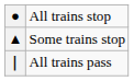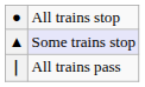 <table class="wikitable">
 <tr>
 <th>●</th>
 <td>All trains stop</td>
 </tr>
 <tr>
 <th>▲</th>
-<td>Some trains stop</td>
+<td style="background: lavender;">Some trains stop</td>
 </tr>
 <tr>
 <th>｜</th>
 <td>All trains pass</td>
 </tr>
 </table>
